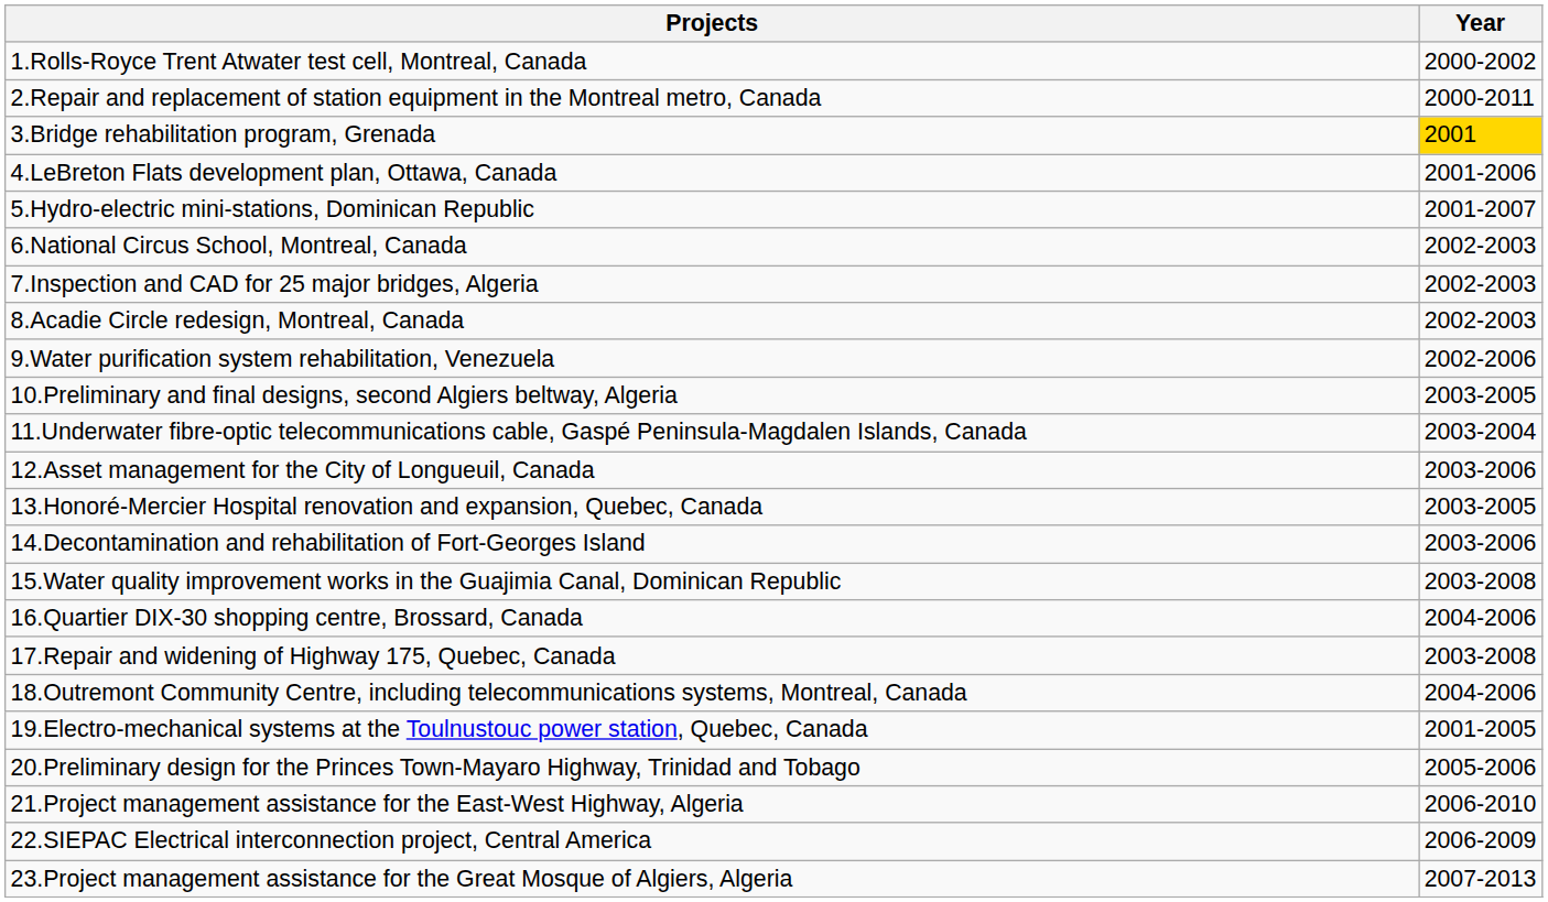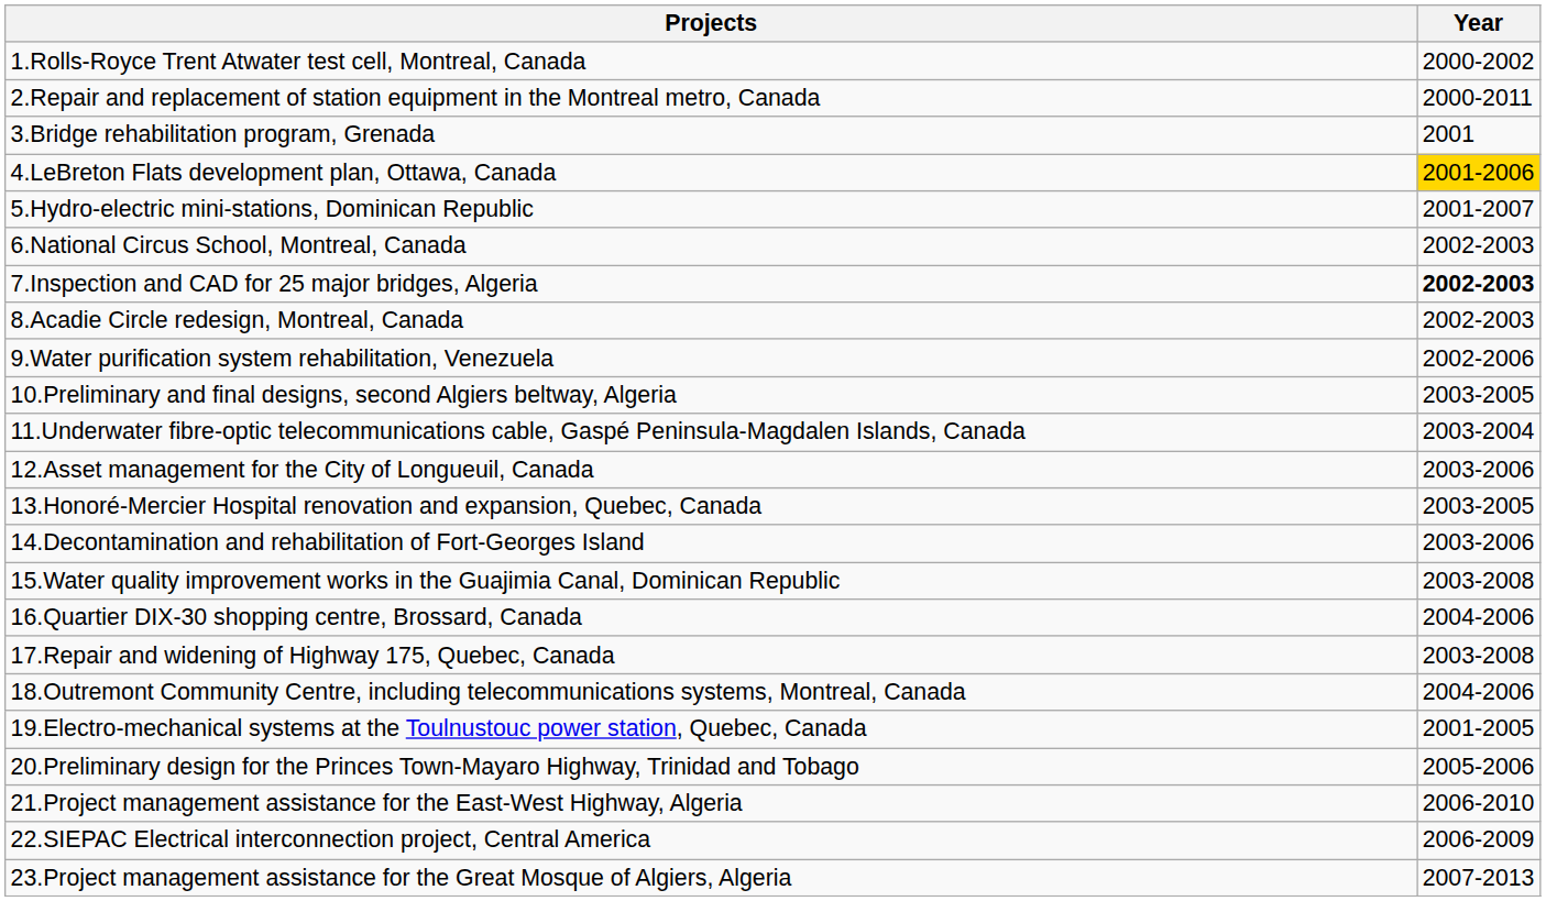 <table class="wikitable">
 <tr>
 <th>Projects</th>
 <th width="8%">Year</th>
 </tr>
 <tr>
 <td>1.Rolls-Royce Trent Atwater test cell, Montreal, Canada</td>
 <td>2000-2002</td>
 </tr>
 <tr>
 <td>2.Repair and replacement of station equipment in the Montreal metro, Canada</td>
 <td>2000-2011</td>
 </tr>
 <tr>
 <td>3.Bridge rehabilitation program, Grenada</td>
-<td style="background: gold;">2001</td>
+<td>2001</td>
 </tr>
 <tr>
 <td>4.LeBreton Flats development plan, Ottawa, Canada</td>
-<td>2001-2006</td>
+<td style="background: gold;">2001-2006</td>
 </tr>
 <tr>
 <td>5.Hydro-electric mini-stations, Dominican Republic</td>
 <td>2001-2007</td>
 </tr>
 <tr>
 <td>6.National Circus School, Montreal, Canada</td>
 <td>2002-2003</td>
 </tr>
 <tr>
 <td>7.Inspection and CAD for 25 major bridges, Algeria</td>
-<td>2002-2003</td>
+<td><strong>2002-2003</strong></td>
 </tr>
 <tr>
 <td>8.Acadie Circle redesign, Montreal, Canada</td>
 <td>2002-2003</td>
 </tr>
 <tr>
 <td>9.Water purification system rehabilitation, Venezuela</td>
 <td>2002-2006</td>
 </tr>
 <tr>
 <td>10.Preliminary and final designs, second Algiers beltway, Algeria</td>
 <td>2003-2005</td>
 </tr>
 <tr>
 <td>11.Underwater fibre-optic telecommunications cable, Gaspé Peninsula-Magdalen Islands, Canada</td>
 <td>2003-2004</td>
 </tr>
 <tr>
 <td>12.Asset management for the City of Longueuil, Canada</td>
 <td>2003-2006</td>
 </tr>
 <tr>
 <td>13.Honoré-Mercier Hospital renovation and expansion, Quebec, Canada</td>
 <td>2003-2005</td>
 </tr>
 <tr>
 <td>14.Decontamination and rehabilitation of Fort-Georges Island</td>
 <td>2003-2006</td>
 </tr>
 <tr>
 <td>15.Water quality improvement works in the Guajimia Canal, Dominican Republic</td>
 <td>2003-2008</td>
 </tr>
 <tr>
 <td>16.Quartier DIX-30 shopping centre, Brossard, Canada</td>
 <td>2004-2006</td>
 </tr>
 <tr>
 <td>17.Repair and widening of Highway 175, Quebec, Canada</td>
 <td>2003-2008</td>
 </tr>
 <tr>
 <td>18.Outremont Community Centre, including telecommunications systems, Montreal, Canada</td>
 <td>2004-2006</td>
 </tr>
 <tr>
 <td>19.Electro-mechanical systems at the <a href='#'>Toulnustouc power station</a>, Quebec, Canada</td>
 <td>2001-2005</td>
 </tr>
 <tr>
 <td>20.Preliminary design for the Princes Town-Mayaro Highway, Trinidad and Tobago</td>
 <td>2005-2006</td>
 </tr>
 <tr>
 <td>21.Project management assistance for the East-West Highway, Algeria</td>
 <td>2006-2010</td>
 </tr>
 <tr>
 <td>22.SIEPAC Electrical interconnection project, Central America</td>
 <td>2006-2009</td>
 </tr>
 <tr>
 <td>23.Project management assistance for the Great Mosque of Algiers, Algeria</td>
 <td>2007-2013</td>
 </tr>
 <tr>
 </tr>
 </table>
